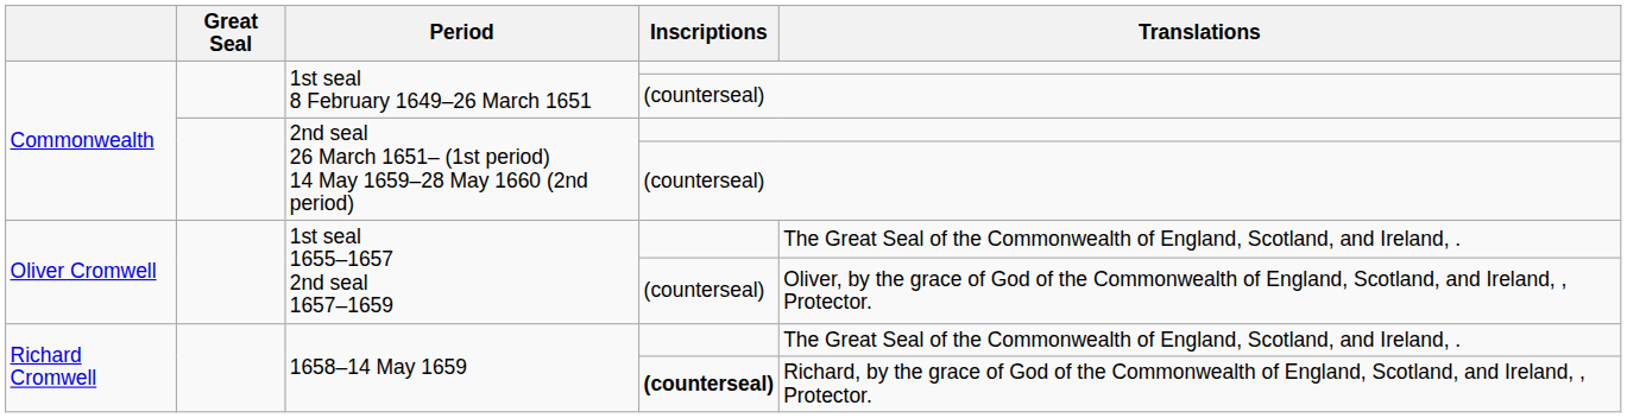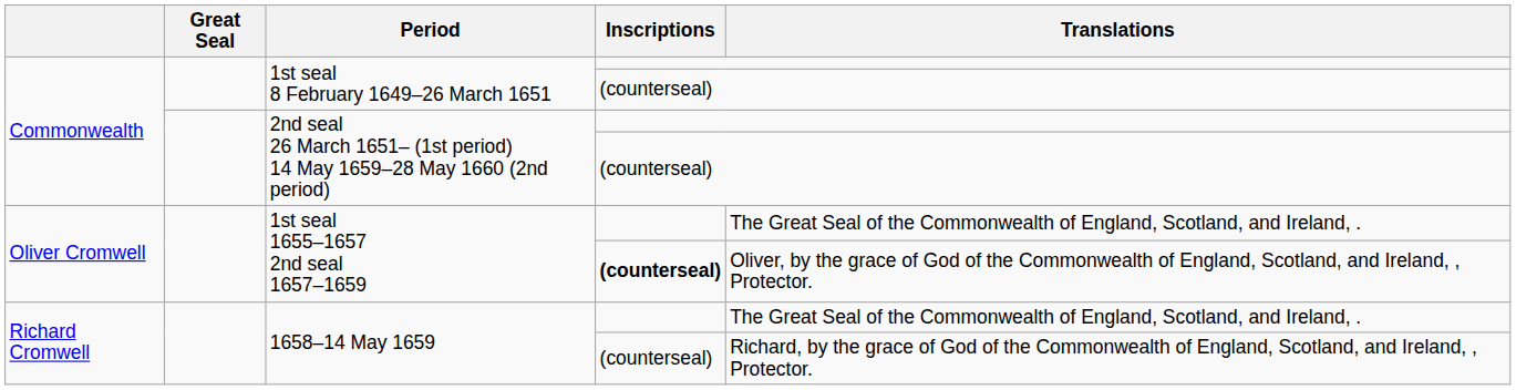 <table class="wikitable">
 <tr>
 <th></th>
 <th>Great Seal</th>
 <th>Period</th>
 <th>Inscriptions</th>
 <th>Translations</th>
 </tr>
 <tr>
 <td rowspan="4"><a href='#'>Commonwealth</a></td>
 <td rowspan="2"></td>
 <td rowspan="2">1st seal<br>8 February 1649–26 March 1651</td>
 <td colspan="2"></td>
 </tr>
 <tr>
 <td colspan="2"> (counterseal)</td>
 </tr>
 <tr>
 <td rowspan="2"></td>
 <td rowspan="2">2nd seal<br>26 March 1651– (1st period)<br>14 May 1659–28 May 1660 (2nd period)</td>
 <td colspan="2"></td>
 </tr>
 <tr>
 <td colspan="2"> (counterseal)</td>
 </tr>
 <tr>
 <td rowspan="2"><a href='#'>Oliver Cromwell</a></td>
 <td rowspan="2"></td>
 <td rowspan="2">1st seal<br>1655–1657<br>2nd seal<br>1657–1659</td>
 <td></td>
 <td>The Great Seal of the Commonwealth of England, Scotland, and Ireland, .</td>
 </tr>
 <tr>
-<td> (counterseal)</td>
+<td><strong> (counterseal)</strong></td>
 <td>Oliver, by the grace of God of the Commonwealth of England, Scotland, and Ireland, , Protector.</td>
 </tr>
 <tr>
 <td rowspan="2"><a href='#'>Richard Cromwell</a></td>
 <td rowspan="2"></td>
 <td rowspan="2">1658–14 May 1659</td>
 <td></td>
 <td>The Great Seal of the Commonwealth of England, Scotland, and Ireland, .</td>
 </tr>
 <tr>
-<td><strong> (counterseal)</strong></td>
+<td> (counterseal)</td>
 <td>Richard, by the grace of God of the Commonwealth of England, Scotland, and Ireland, , Protector.</td>
 </tr>
 </table>
